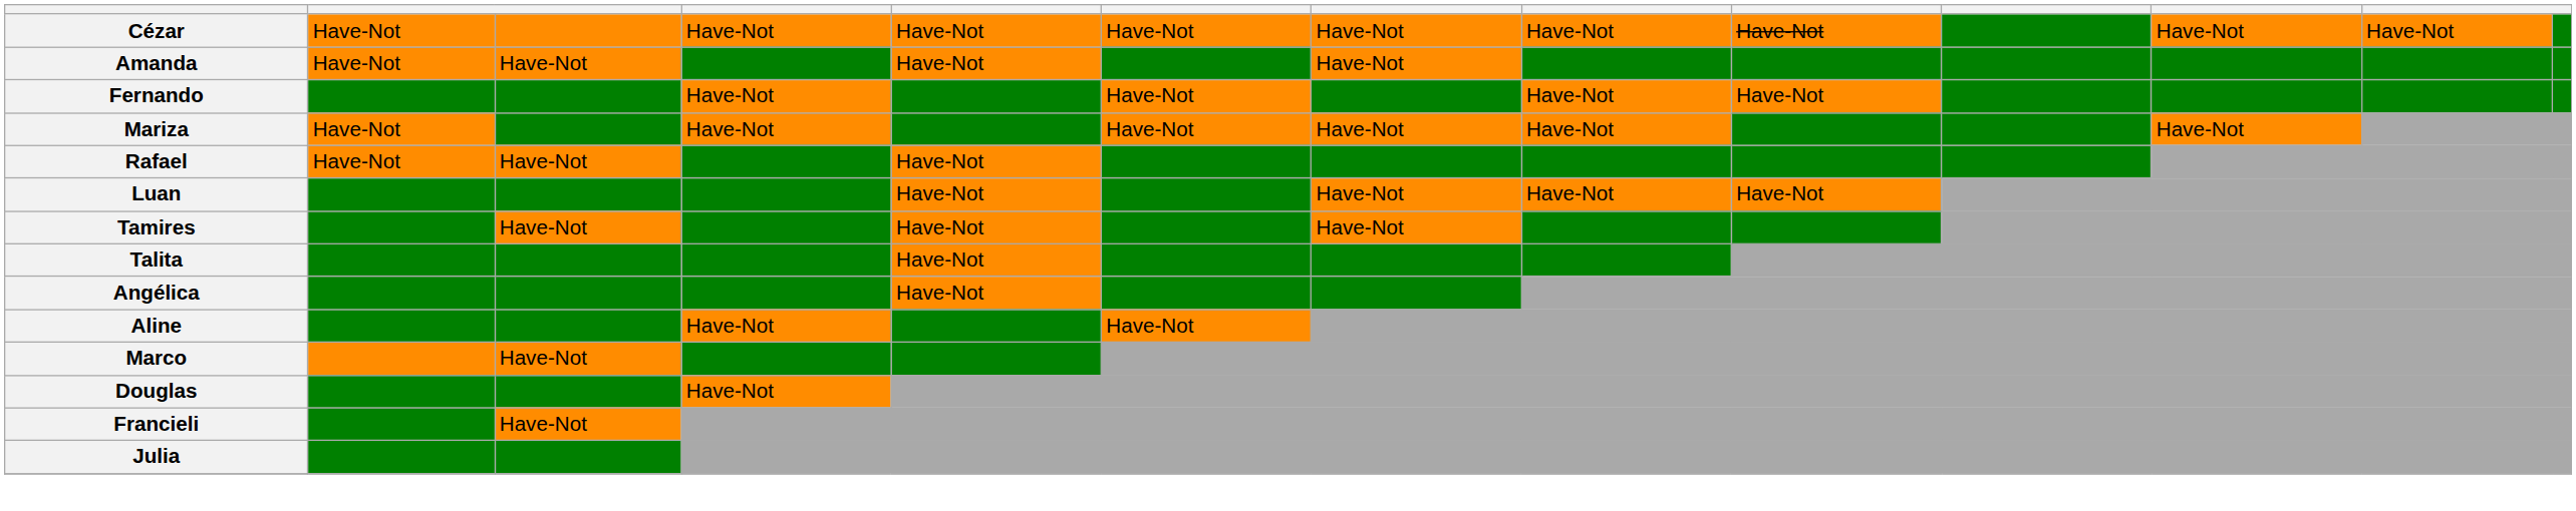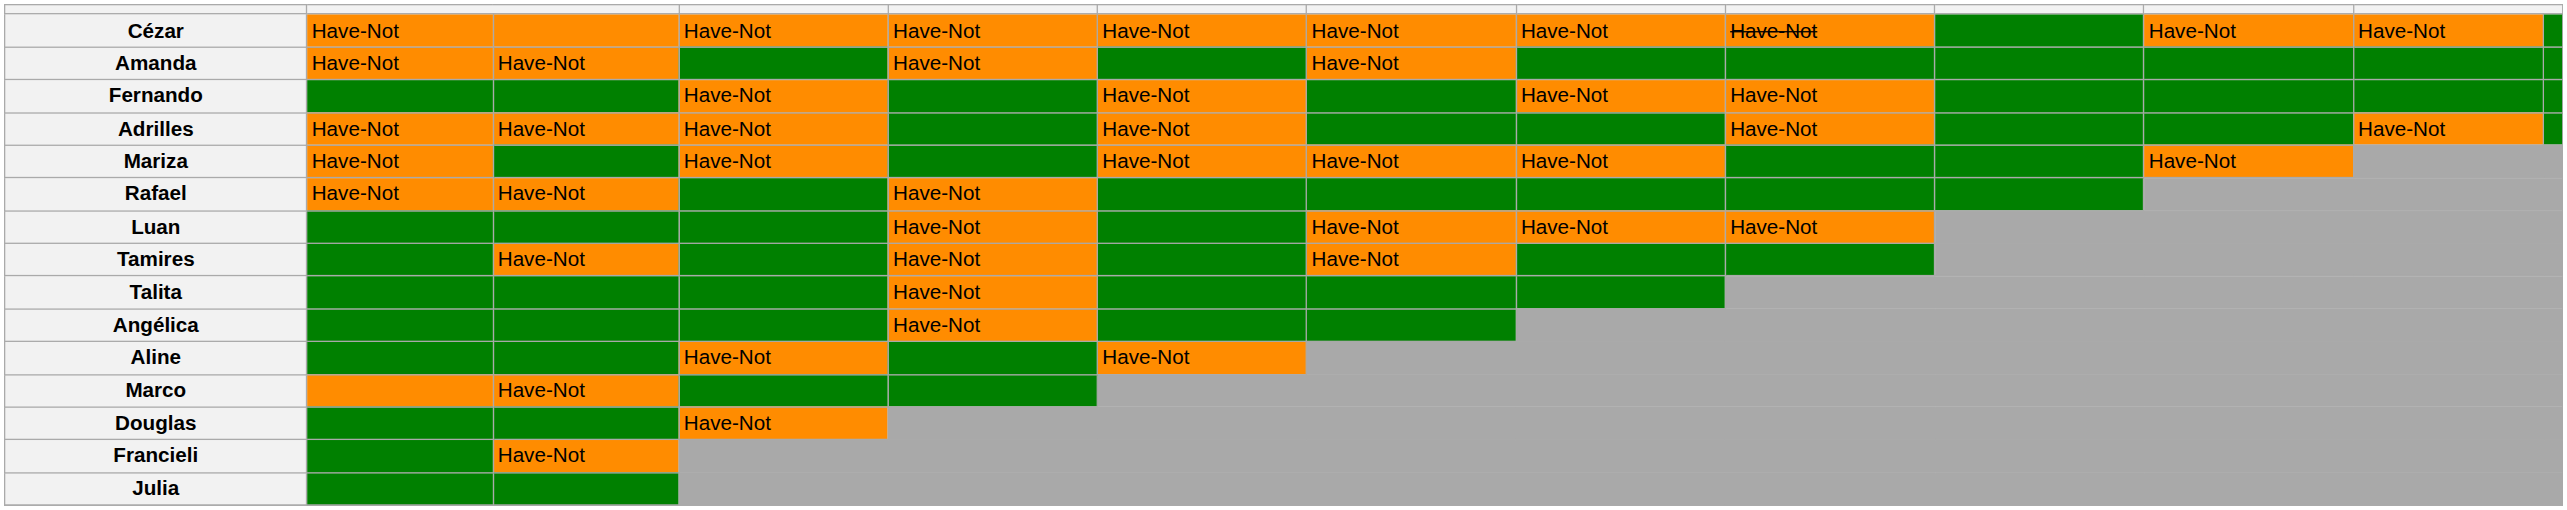 <table class="wikitable" style="width:100%;">
 <tr>
 <th width=6.5%></th>
 <th width=8.0% colspan=2></th>
 <th width=4.5%></th>
 <th width=4.5%></th>
 <th width=4.5%></th>
 <th width=4.5%></th>
 <th width=4.5%></th>
 <th width=4.5%></th>
 <th width=4.5%></th>
 <th width=4.5%></th>
 <th colspan=2 width=4.5%></th>
 </tr>
 <tr>
 <th>Cézar</th>
 <td bgcolor="FF8C00">Have-Not</td>
 <td bgcolor="FF8C00"></td>
 <td bgcolor="FF8C00">Have-Not</td>
 <td bgcolor="FF8C00">Have-Not</td>
 <td bgcolor="FF8C00">Have-Not</td>
 <td bgcolor="FF8C00">Have-Not</td>
 <td bgcolor="FF8C00">Have-Not</td>
 <td bgcolor="FF8C00"><s>Have-Not</s></td>
 <td bgcolor="008000"></td>
 <td bgcolor="FF8C00">Have-Not</td>
 <td bgcolor="FF8C00">Have-Not</td>
 <td bgcolor="008000"></td>
 </tr>
 <tr>
 <th>Amanda</th>
 <td bgcolor="FF8C00">Have-Not</td>
 <td bgcolor="FF8C00">Have-Not</td>
 <td bgcolor="008000"></td>
 <td bgcolor="FF8C00">Have-Not</td>
 <td bgcolor="008000"></td>
 <td bgcolor="FF8C00">Have-Not</td>
 <td bgcolor="008000"></td>
 <td bgcolor="008000"></td>
 <td bgcolor="008000"></td>
 <td bgcolor="008000"></td>
 <td bgcolor="008000"></td>
 <td bgcolor="008000"></td>
 </tr>
 <tr>
 <th>Fernando</th>
 <td bgcolor="008000"></td>
 <td bgcolor="008000"></td>
 <td bgcolor="FF8C00">Have-Not</td>
 <td bgcolor="008000"></td>
 <td bgcolor="FF8C00">Have-Not</td>
 <td bgcolor="008000"></td>
 <td bgcolor="FF8C00">Have-Not</td>
 <td bgcolor="FF8C00">Have-Not</td>
 <td bgcolor="008000"></td>
 <td bgcolor="008000"></td>
 <td bgcolor="008000"></td>
+<td bgcolor="008000"></td>
+</tr>
+<tr>
+<th>Adrilles</th>
+<td bgcolor="FF8C00">Have-Not</td>
+<td bgcolor="FF8C00">Have-Not</td>
+<td bgcolor="FF8C00">Have-Not</td>
+<td bgcolor="008000"></td>
+<td bgcolor="FF8C00">Have-Not</td>
+<td bgcolor="008000"></td>
+<td bgcolor="008000"></td>
+<td bgcolor="FF8C00">Have-Not</td>
+<td bgcolor="008000"></td>
+<td bgcolor="008000"></td>
+<td bgcolor="FF8C00">Have-Not</td>
 <td bgcolor="008000"></td>
 </tr>
 <tr>
 <th>Mariza</th>
 <td bgcolor="FF8C00">Have-Not</td>
 <td bgcolor="008000"></td>
 <td bgcolor="FF8C00">Have-Not</td>
 <td bgcolor="008000"></td>
 <td bgcolor="FF8C00">Have-Not</td>
 <td bgcolor="FF8C00">Have-Not</td>
 <td bgcolor="FF8C00">Have-Not</td>
 <td bgcolor="008000"></td>
 <td bgcolor="008000"></td>
 <td bgcolor="FF8C00">Have-Not</td>
 <td bgcolor="A9A9A9" colspan=2></td>
 </tr>
 <tr>
 <th>Rafael</th>
 <td bgcolor="FF8C00">Have-Not</td>
 <td bgcolor="FF8C00">Have-Not</td>
 <td bgcolor="008000"></td>
 <td bgcolor="FF8C00">Have-Not</td>
 <td bgcolor="008000"></td>
 <td bgcolor="008000"></td>
 <td bgcolor="008000"></td>
 <td bgcolor="008000"></td>
 <td bgcolor="008000"></td>
 <td bgcolor="A9A9A9" colspan=3></td>
 </tr>
 <tr>
 <th>Luan</th>
 <td bgcolor="008000"></td>
 <td bgcolor="008000"></td>
 <td bgcolor="008000"></td>
 <td bgcolor="FF8C00">Have-Not</td>
 <td bgcolor="008000"></td>
 <td bgcolor="FF8C00">Have-Not</td>
 <td bgcolor="FF8C00">Have-Not</td>
 <td bgcolor="FF8C00">Have-Not</td>
 <td bgcolor="A9A9A9" colspan=4></td>
 </tr>
 <tr>
 <th>Tamires</th>
 <td bgcolor="008000"></td>
 <td bgcolor="FF8C00">Have-Not</td>
 <td bgcolor="008000"></td>
 <td bgcolor="FF8C00">Have-Not</td>
 <td bgcolor="008000"></td>
 <td bgcolor="FF8C00">Have-Not</td>
 <td bgcolor="008000"></td>
 <td bgcolor="008000"></td>
 <td bgcolor="A9A9A9" colspan=4></td>
 </tr>
 <tr>
 <th>Talita</th>
 <td bgcolor="008000"></td>
 <td bgcolor="008000"></td>
 <td bgcolor="008000"></td>
 <td bgcolor="FF8C00">Have-Not</td>
 <td bgcolor="008000"></td>
 <td bgcolor="008000"></td>
 <td bgcolor="008000"></td>
 <td bgcolor="A9A9A9" colspan=5></td>
 </tr>
 <tr>
 <th>Angélica</th>
 <td bgcolor="008000"></td>
 <td bgcolor="008000"></td>
 <td bgcolor="008000"></td>
 <td bgcolor="FF8C00">Have-Not</td>
 <td bgcolor="008000"></td>
 <td bgcolor="008000"></td>
 <td bgcolor="A9A9A9" colspan=6></td>
 </tr>
 <tr>
 <th>Aline</th>
 <td bgcolor="008000"></td>
 <td bgcolor="008000"></td>
 <td bgcolor="FF8C00">Have-Not</td>
 <td bgcolor="008000"></td>
 <td bgcolor="FF8C00">Have-Not</td>
 <td bgcolor="A9A9A9" colspan=7></td>
 </tr>
 <tr>
 <th>Marco</th>
 <td bgcolor="FF8C00"></td>
 <td bgcolor="FF8C00">Have-Not</td>
 <td bgcolor="008000"></td>
 <td bgcolor="008000"></td>
 <td bgcolor="A9A9A9" colspan=8></td>
 </tr>
 <tr>
 <th>Douglas</th>
 <td bgcolor="008000"></td>
 <td bgcolor="008000"></td>
 <td bgcolor="FF8C00">Have-Not</td>
 <td bgcolor="A9A9A9" colspan=9></td>
 </tr>
 <tr>
 <th>Francieli</th>
 <td bgcolor="008000"></td>
 <td bgcolor="FF8C00">Have-Not</td>
 <td bgcolor="A9A9A9" colspan=10></td>
 </tr>
 <tr>
 <th>Julia</th>
 <td bgcolor="008000"></td>
 <td bgcolor="008000"></td>
 <td bgcolor="A9A9A9" colspan=10></td>
 </tr>
 <tr>
 </tr>
 </table>
